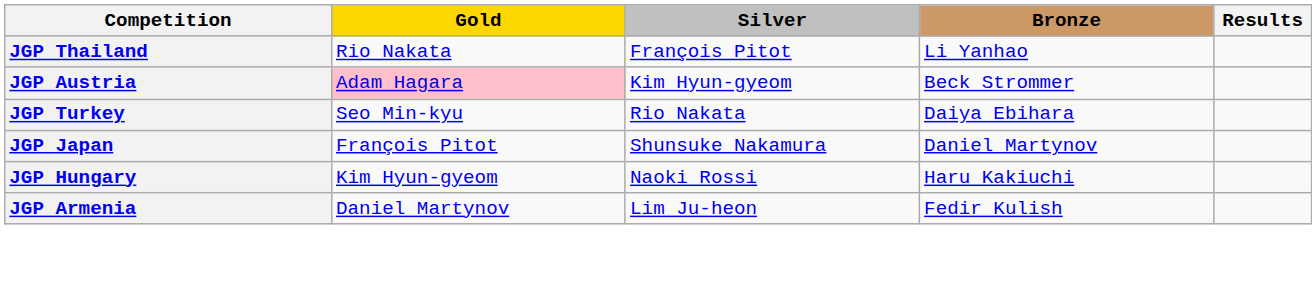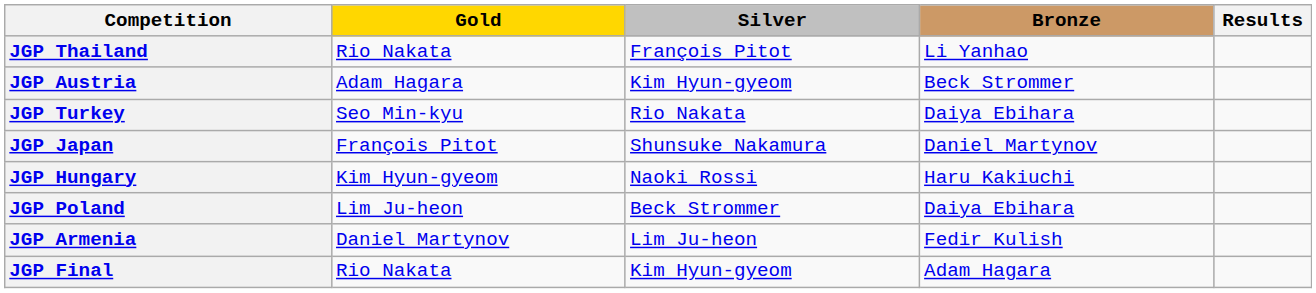 <table class="wikitable unsortable" style="text-align:left; width:100%;">
 <tr>
 <th scope="col" style="text-align:center; width:25%;">Competition</th>
 <td scope="col" style="text-align:center; width:22.5%; background:gold"><strong>Gold</strong></td>
 <td scope="col" style="text-align:center; width:22.5%; background:silver"><strong>Silver</strong></td>
 <td scope="col" style="text-align:center; width:22.5%; background:#c96"><strong>Bronze</strong></td>
 <th scope="col" style="text-align:center; width:7.5%;">Results</th>
 </tr>
 <tr>
 <th scope="row" style="text-align:left">  <a href='#'>JGP Thailand</a></th>
 <td> <a href='#'>Rio Nakata</a></td>
 <td> <a href='#'>François Pitot</a></td>
 <td> <a href='#'>Li Yanhao</a></td>
 <td></td>
 </tr>
 <tr>
 <th scope="row" style="text-align:left"> <a href='#'>JGP Austria</a></th>
-<td style="background: pink;"> <a href='#'>Adam Hagara</a></td>
+<td> <a href='#'>Adam Hagara</a></td>
 <td> <a href='#'>Kim Hyun-gyeom</a></td>
 <td> <a href='#'>Beck Strommer</a></td>
 <td></td>
 </tr>
 <tr>
 <th scope="row" style="text-align:left"> <a href='#'>JGP Turkey</a></th>
 <td> <a href='#'>Seo Min-kyu</a></td>
 <td> <a href='#'>Rio Nakata</a></td>
 <td> <a href='#'>Daiya Ebihara</a></td>
 <td></td>
 </tr>
 <tr>
 <th scope="row" style="text-align:left"> <a href='#'>JGP Japan</a></th>
 <td> <a href='#'>François Pitot</a></td>
 <td> <a href='#'>Shunsuke Nakamura</a></td>
 <td> <a href='#'>Daniel Martynov</a></td>
 <td></td>
 </tr>
 <tr>
 <th scope="row" style="text-align:left"> <a href='#'>JGP Hungary</a></th>
 <td> <a href='#'>Kim Hyun-gyeom</a></td>
 <td> <a href='#'>Naoki Rossi</a></td>
 <td> <a href='#'>Haru Kakiuchi</a></td>
 <td></td>
 </tr>
 <tr>
+<th scope="row" style="text-align:left"> <a href='#'>JGP Poland</a></th>
+<td> <a href='#'>Lim Ju-heon</a></td>
+<td> <a href='#'>Beck Strommer</a></td>
+<td> <a href='#'>Daiya Ebihara</a></td>
+<td></td>
+</tr>
+<tr>
 <th scope="row" style="text-align:left"> <a href='#'>JGP Armenia</a></th>
 <td> <a href='#'>Daniel Martynov</a></td>
 <td> <a href='#'>Lim Ju-heon</a></td>
 <td> <a href='#'>Fedir Kulish</a></td>
 <td></td>
 </tr>
+<tr>
+<th scope="row" style="text-align:left"> <a href='#'>JGP Final</a></th>
+<td> <a href='#'>Rio Nakata</a></td>
+<td> <a href='#'>Kim Hyun-gyeom</a></td>
+<td> <a href='#'>Adam Hagara</a></td>
+<td><br></td>
+</tr>
 </table>
